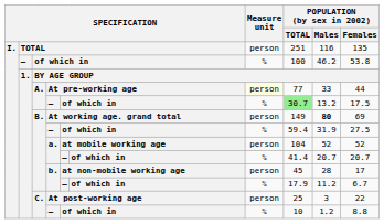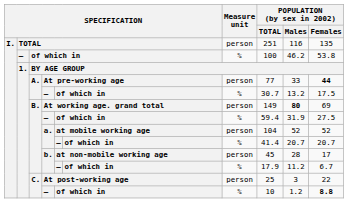 <table class="wikitable" style="font-size:85%; text-align:center">
 <tr>
 <th rowspan="2" colspan="6">SPECIFICATION</th>
 <th rowspan="2">Measure<br> unit</th>
 <th colspan="3" rowspan="1">POPULATION<br> (by sex in 2002)</th>
 </tr>
 <tr>
 <th>TOTAL</th>
 <th>Males</th>
 <th>Females</th>
 </tr>
 <tr>
 <th style="text-align:left" valign="top" rowspan="13">I.</th>
 <th style="text-align:left" colspan="5">TOTAL</th>
 <td>person</td>
 <td>251</td>
 <td>116</td>
 <td>135</td>
 </tr>
 <tr>
 <th style="text-align:left" valign="top">—</th>
 <th style="text-align:left" colspan="4">of which in</th>
 <td>%</td>
 <td>100</td>
 <td>46.2</td>
 <td>53.8</td>
 </tr>
 <tr>
 <th style="text-align:left" valign="top" rowspan="11">1.</th>
 <th style="text-align:left" colspan="19">BY AGE GROUP</th>
 </tr>
 <tr>
 <th style="text-align:left" valign="top" rowspan="2">A.</th>
 <th style="text-align:left" colspan="3">At pre-working age</th>
-<td style="background: lightyellow;">person</td>
+<td>person</td>
 <td>77</td>
 <td>33</td>
-<td>44</td>
+<td><strong>44</strong></td>
 </tr>
 <tr>
 <th style="text-align:left" valign="top">—</th>
 <th style="text-align:left" valign="top" colspan="2">of which in</th>
 <td>%</td>
-<td style="background: lightgreen;">30.7</td>
+<td>30.7</td>
 <td>13.2</td>
 <td>17.5</td>
 </tr>
 <tr>
 <th style="text-align:left" valign="top" rowspan="6">B.</th>
 <th style="text-align:left" colspan="3">At working age. grand total</th>
 <td>person</td>
 <td>149</td>
 <td><strong>80</strong></td>
 <td>69</td>
 </tr>
 <tr>
 <th style="text-align:left" valign="top">—</th>
 <th style="text-align:left" valign="top" colspan="2">of which in</th>
 <td>%</td>
 <td>59.4</td>
 <td>31.9</td>
 <td>27.5</td>
 </tr>
 <tr>
 <th style="text-align:left" valign="top" rowspan="2">a.</th>
 <th style="text-align:left" colspan="2">at mobile working age</th>
 <td>person</td>
 <td>104</td>
 <td>52</td>
 <td>52</td>
 </tr>
 <tr>
 <th style="text-align:left" valign="top">—</th>
 <th style="text-align:left" valign="top" colspan="1">of which in                        </th>
 <td>%</td>
 <td>41.4</td>
 <td>20.7</td>
 <td>20.7</td>
 </tr>
 <tr>
 <th style="text-align:left" valign="top" rowspan="2">b.</th>
 <th style="text-align:left" colspan="2">at non-mobile working age</th>
 <td>person</td>
 <td>45</td>
 <td>28</td>
 <td>17</td>
 </tr>
 <tr>
 <th style="text-align:left" valign="top">—</th>
 <th style="text-align:left" valign="top" colspan="1">of which in                        </th>
 <td>%</td>
 <td>17.9</td>
 <td>11.2</td>
 <td>6.7</td>
 </tr>
 <tr>
 <th style="text-align:left" valign="top" rowspan="2">C.</th>
 <th style="text-align:left" colspan="3">At post-working age</th>
 <td>person</td>
 <td>25</td>
 <td>3</td>
 <td>22</td>
 </tr>
 <tr>
 <th style="text-align:left" valign="top">—</th>
 <th style="text-align:left" valign="top" colspan="2">of which in</th>
 <td>%</td>
 <td>10</td>
 <td>1.2</td>
-<td>8.8</td>
+<td><strong>8.8</strong></td>
 </tr>
 </table>
